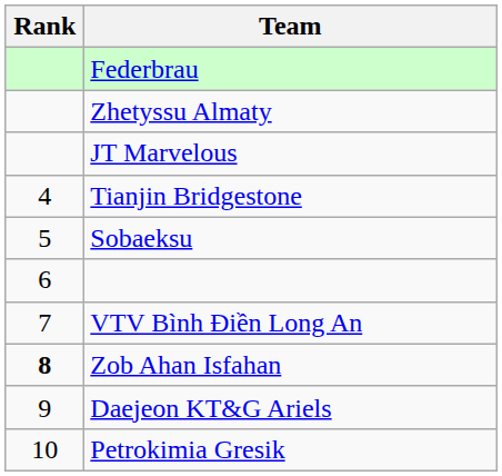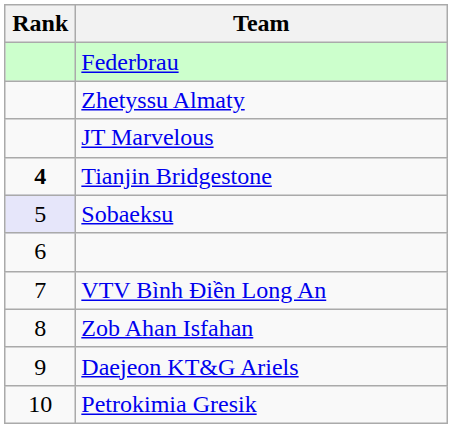 <table class="wikitable" style="text-align: center;">
 <tr>
 <th width=40>Rank</th>
 <th width=240>Team</th>
 </tr>
 <tr bgcolor=#CCFFCC>
 <td></td>
 <td style="text-align:left;"> <a href='#'>Federbrau</a></td>
 </tr>
 <tr align=center>
 <td></td>
 <td style="text-align:left;"> <a href='#'>Zhetyssu Almaty</a></td>
 </tr>
 <tr align=center>
 <td></td>
 <td style="text-align:left;"> <a href='#'>JT Marvelous</a></td>
 </tr>
 <tr align=center>
-<td>4</td>
+<td><strong>4</strong></td>
 <td style="text-align:left;"> <a href='#'>Tianjin Bridgestone</a></td>
 </tr>
 <tr align=center>
-<td>5</td>
+<td style="background: lavender;">5</td>
 <td style="text-align:left;"> <a href='#'>Sobaeksu</a></td>
 </tr>
 <tr align=center>
 <td>6</td>
 <td style="text-align:left;"></td>
 </tr>
 <tr align=center>
 <td>7</td>
 <td style="text-align:left;"> <a href='#'>VTV Bình Điền Long An</a></td>
 </tr>
 <tr align=center>
-<td><strong>8</strong></td>
+<td>8</td>
 <td style="text-align:left;"> <a href='#'>Zob Ahan Isfahan</a></td>
 </tr>
 <tr align=center>
 <td>9</td>
 <td style="text-align:left;"> <a href='#'>Daejeon KT&G Ariels</a></td>
 </tr>
 <tr align=center>
 <td>10</td>
 <td style="text-align:left;"> <a href='#'>Petrokimia Gresik</a></td>
 </tr>
 </table>
